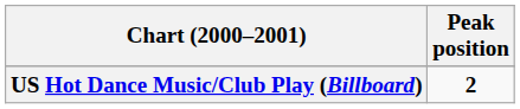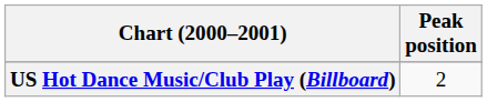 <table class="wikitable sortable plainrowheaders">
 <tr>
 <th>Chart (2000–2001)</th>
 <th>Peak<br>position</th>
 </tr>
 <tr>
 </tr>
 <tr>
 </tr>
 <tr>
 </tr>
 <tr>
 </tr>
 <tr>
 <th scope="row">US <a href='#'>Hot Dance Music/Club Play</a> (<em><a href='#'>Billboard</a></em>)</th>
-<td align="center"><strong>2</strong></td>
+<td align="center">2</td>
 </tr>
 </table>
